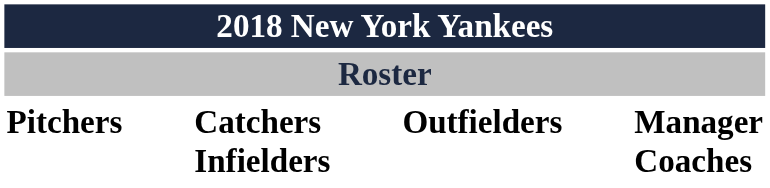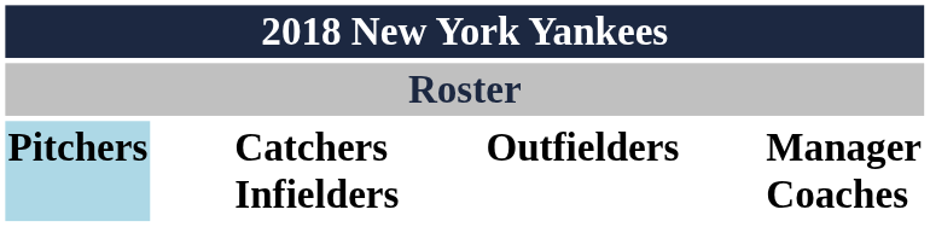 <table class="toccolours" style="font-size: 95%;">
 <tr>
 <th colspan="10" style="background:#1c2841; color:white; text-align:center;">2018 New York Yankees</th>
 </tr>
 <tr>
 <td colspan="10" style="background:silver; color:#1c2841; text-align:center;"><strong>Roster</strong></td>
 </tr>
 <tr>
-<td valign="top"><strong>Pitchers</strong><br>                         </td>
+<td valign="top" style="background: lightblue;"><strong>Pitchers</strong><br>                         </td>
 <td style="width:25px;"></td>
 <td valign="top"><strong>Catchers</strong><br>   <strong>Infielders</strong>           </td>
 <td style="width:25px;"></td>
 <td valign="top"><strong>Outfielders</strong><br>        </td>
 <td style="width:25px;"></td>
 <td valign="top"><strong>Manager</strong><br> <strong>Coaches</strong>                    </td>
 </tr>
 </table>
